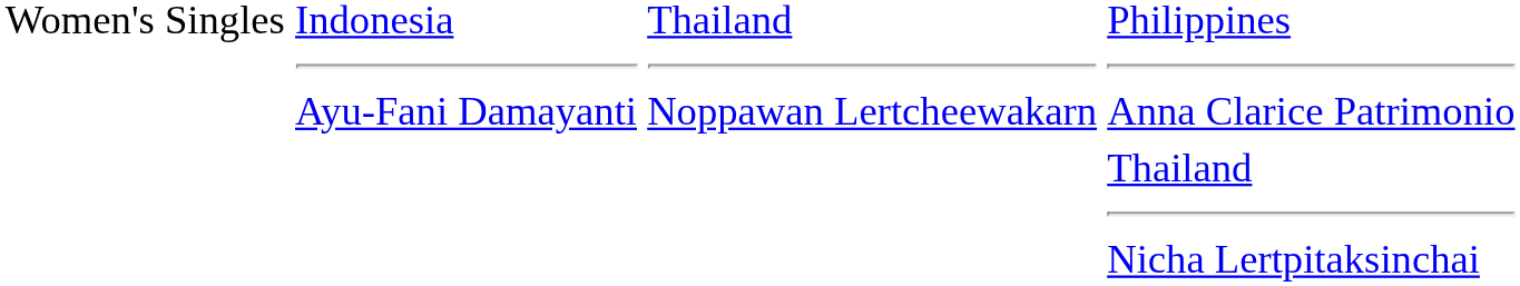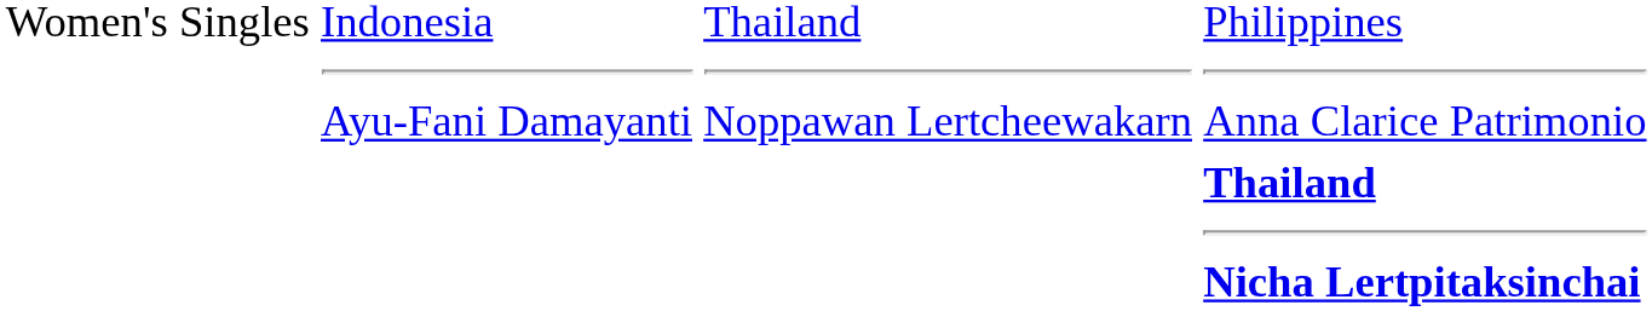 <table>
 <tr style="vertical-align:top">
 <td rowspan=2>Women's Singles</td>
 <td rowspan=2> <a href='#'>Indonesia</a> <hr> <a href='#'>Ayu-Fani Damayanti</a></td>
 <td rowspan=2> <a href='#'>Thailand</a> <hr> <a href='#'>Noppawan Lertcheewakarn</a></td>
 <td> <a href='#'>Philippines</a> <hr> <a href='#'>Anna Clarice Patrimonio</a></td>
 </tr>
 <tr>
-<td> <a href='#'>Thailand</a> <hr> <a href='#'>Nicha Lertpitaksinchai</a></td>
+<td><strong> <a href='#'>Thailand</a> <hr> <a href='#'>Nicha Lertpitaksinchai</a></strong></td>
 </tr>
 <tr>
 </tr>
 </table>
